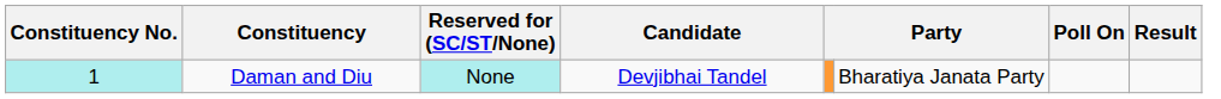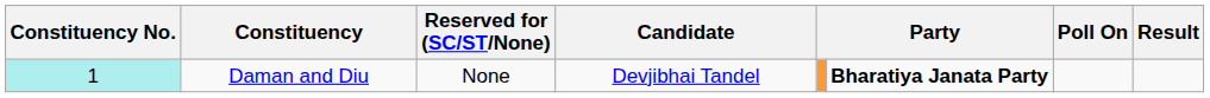 <table class="wikitable sortable" style="text-align:center">
 <tr>
 <th>Constituency No.</th>
 <th style="width:180px;">Constituency</th>
 <th>Reserved for<br>(<a href='#'>SC/ST</a>/None)</th>
 <th style="width:200px;">Candidate</th>
 <th colspan="2">Party</th>
 <th>Poll On</th>
 <th>Result</th>
 </tr>
 <tr>
 <td style="background: paleturquoise; text-align:center;">1</td>
 <td><a href='#'>Daman and Diu</a></td>
-<td style="background: paleturquoise;">None</td>
+<td>None</td>
 <td><a href='#'>Devjibhai Tandel</a></td>
 <td bgcolor=#FF9933></td>
-<td>Bharatiya Janata Party</td>
+<td><strong>Bharatiya Janata Party</strong></td>
 <td></td>
 <td></td>
 </tr>
 </table>
